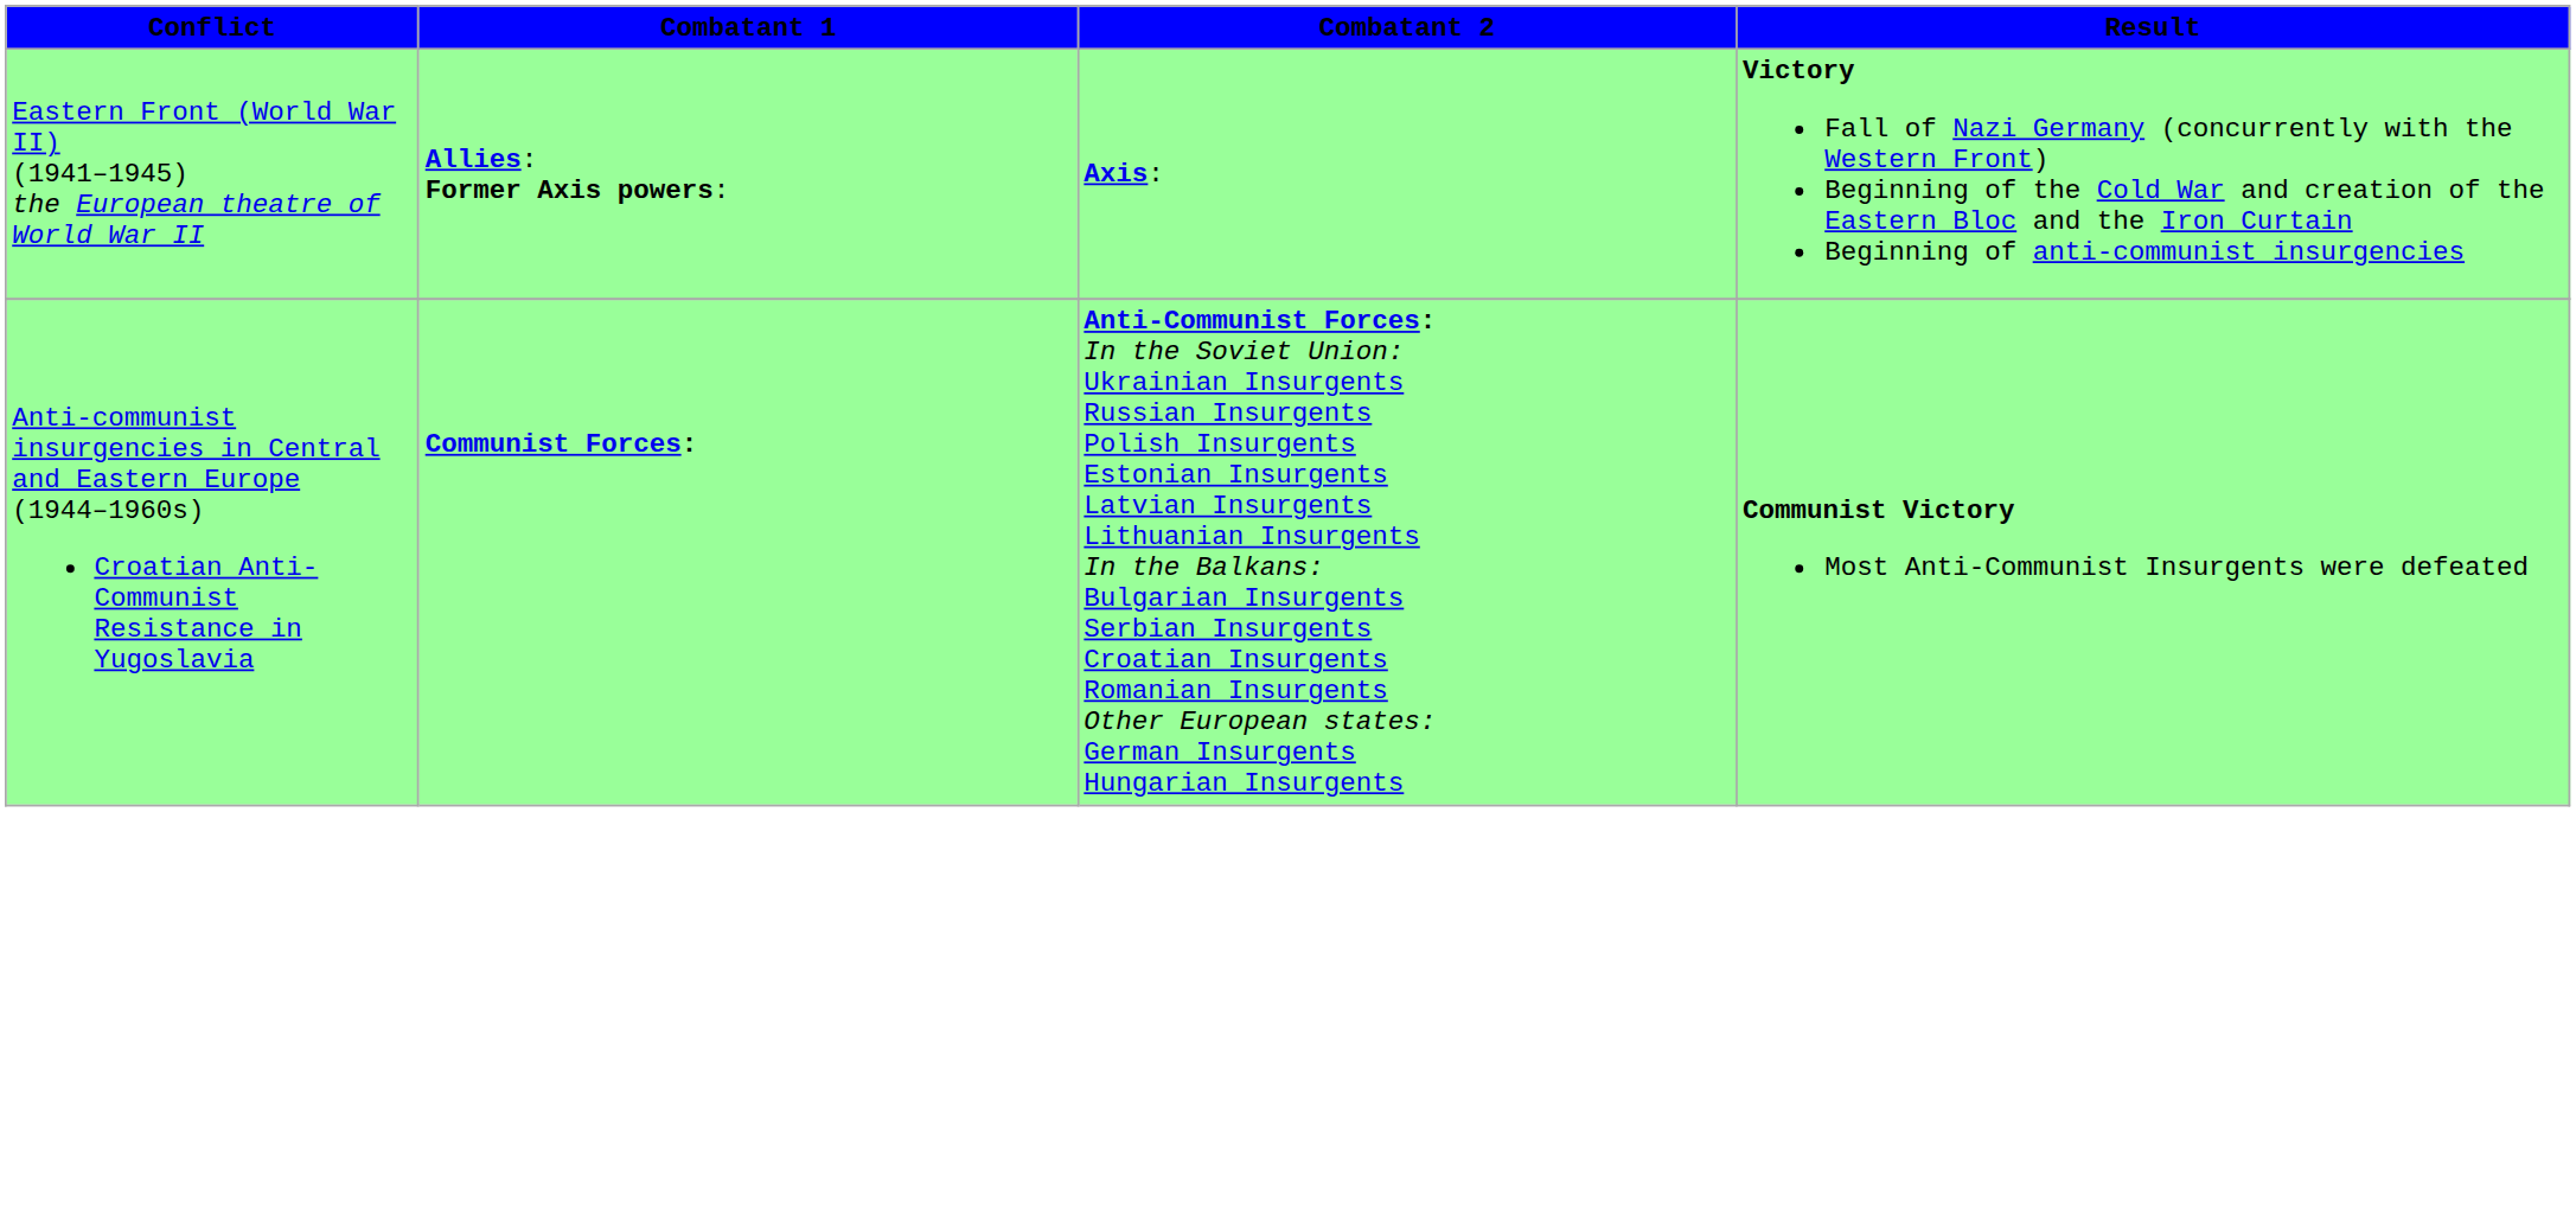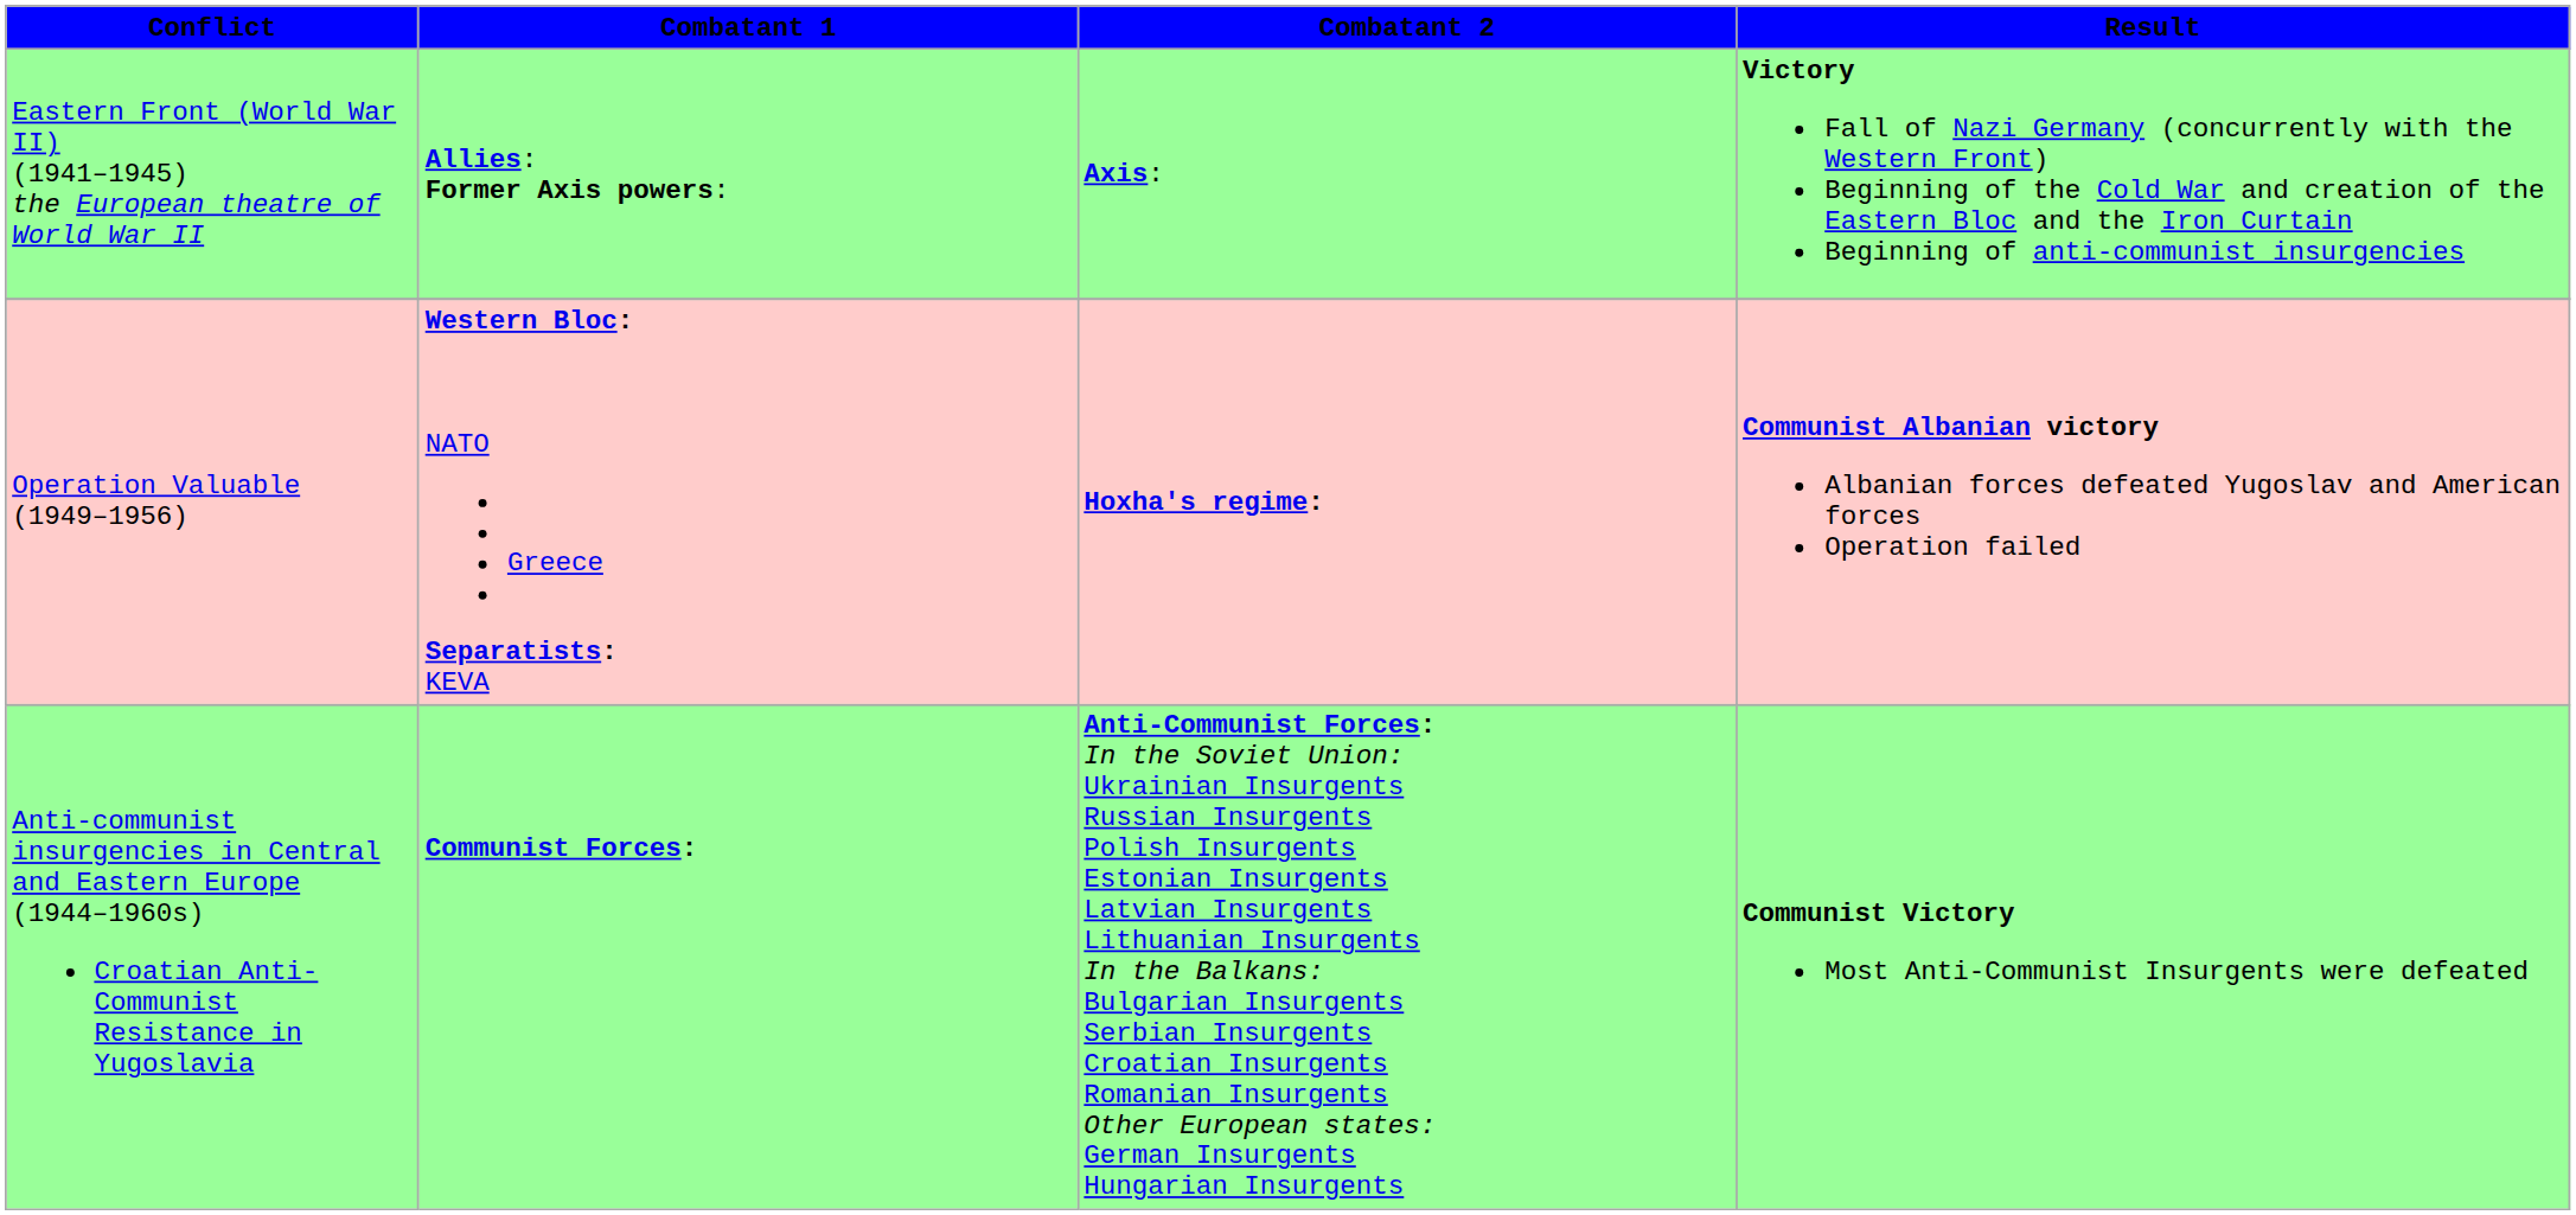 <table class="wikitable">
 <tr>
 <th style="background-color:blue;" rowspan="1"><span>Conflict</span></th>
 <th style="background-color:blue;" rowspan="1" width=315px><span>Combatant 1</span></th>
 <th style="background-color:blue;" rowspan="1" width=315px><span>Combatant 2</span></th>
 <th style="background-color:blue;" rowspan="1" width=400px><span>Result</span></th>
 </tr>
 <tr bgcolor="#99ff99">
 <td><a href='#'>Eastern Front (World War II)</a><br>(1941–1945)<br><em>the <a href='#'>European theatre of World War II</a></em></td>
 <td><strong><a href='#'>Allies</a></strong>:<br><strong>Former Axis powers</strong>: </td>
 <td><strong><a href='#'>Axis</a></strong>:</td>
 <td><strong>Victory</strong><br><ul><li>Fall of <a href='#'>Nazi Germany</a> (concurrently with the <a href='#'>Western Front</a>)</li><li>Beginning of the <a href='#'>Cold War</a> and creation of the <a href='#'>Eastern Bloc</a> and the <a href='#'>Iron Curtain</a></li><li>Beginning of <a href='#'>anti-communist insurgencies</a></li></ul></td>
 </tr>
 <tr bgcolor="#99ff99">
 </tr>
+<tr bgcolor="#FFCCCB">
+<td><a href='#'>Operation Valuable</a><br>(1949–1956)</td>
+<td><strong><a href='#'>Western Bloc</a>:</strong><br><br><br><br> <a href='#'>NATO</a><ul><li></li><li></li><li> <a href='#'>Greece</a></li><li></li></ul><strong><a href='#'>Separatists</a>:</strong> <br> <a href='#'>KEVA</a></td>
+<td><strong><a href='#'>Hoxha's regime</a>:</strong><br></td>
+<td><strong><a href='#'>Communist Albanian</a> victory</strong><br><ul><li>Albanian forces defeated Yugoslav and American forces</li><li>Operation failed</li></ul></td>
+</tr>
 <tr bgcolor="#99ff99">
 <td><a href='#'>Anti-communist insurgencies in Central and Eastern Europe</a><br>(1944–1960s)<br><ul><li><a href='#'>Croatian Anti-Communist Resistance in Yugoslavia</a></li></ul></td>
 <td><strong><a href='#'>Communist Forces</a>:</strong><br><br><br><br><br><br><br><br></td>
 <td><strong><a href='#'>Anti-Communist Forces</a>:</strong><br><em>In the Soviet Union:</em><br> <a href='#'>Ukrainian Insurgents</a><br> <a href='#'>Russian Insurgents</a><br> <a href='#'>Polish Insurgents</a><br> <a href='#'>Estonian Insurgents</a><br> <a href='#'>Latvian Insurgents</a><br> <a href='#'>Lithuanian Insurgents</a><br><em>In the Balkans:</em><br> <a href='#'>Bulgarian Insurgents</a><br> <a href='#'>Serbian Insurgents</a><br> <a href='#'>Croatian Insurgents</a><br> <a href='#'>Romanian Insurgents</a><br><em>Other European states:</em><br> <a href='#'>German Insurgents</a><br> <a href='#'>Hungarian Insurgents</a></td>
 <td><strong>Communist Victory</strong><br><ul><li>Most Anti-Communist Insurgents were defeated</li></ul></td>
 </tr>
 </table>
